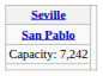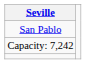 <table class="wikitable" style="text-align:center;margin:1em auto;">
 <tr>
 <th><a href='#'>Seville</a></th>
 <td rowspan=4></td>
 </tr>
 <tr>
-<td><strong><a href='#'>San Pablo</a></strong></td>
+<td><a href='#'>San Pablo</a></td>
 </tr>
 <tr>
 <td>Capacity: 7,242</td>
 </tr>
 <tr>
 <td></td>
 </tr>
 </table>
